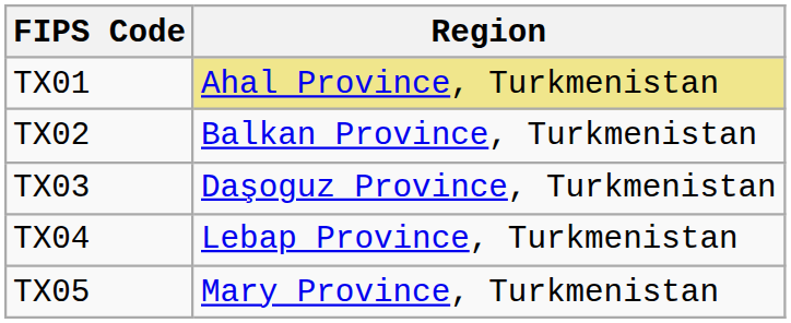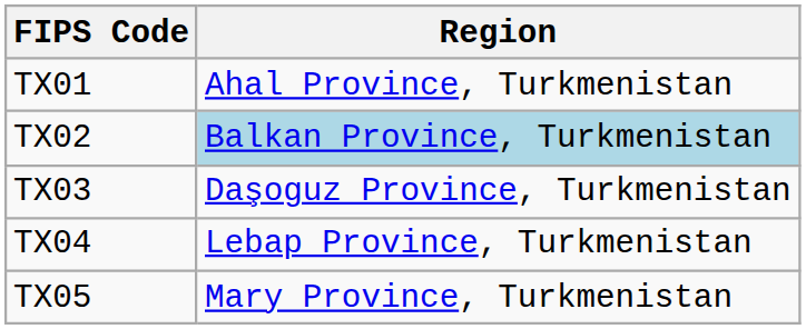 <table class="wikitable">
 <tr>
 <th>FIPS Code</th>
 <th>Region</th>
 </tr>
 <tr>
 <td>TX01</td>
-<td style="background: khaki;"><a href='#'>Ahal Province</a>, Turkmenistan</td>
+<td><a href='#'>Ahal Province</a>, Turkmenistan</td>
 </tr>
 <tr>
 <td>TX02</td>
-<td><a href='#'>Balkan Province</a>, Turkmenistan</td>
+<td style="background: lightblue;"><a href='#'>Balkan Province</a>, Turkmenistan</td>
 </tr>
 <tr>
 <td>TX03</td>
 <td><a href='#'>Daşoguz Province</a>, Turkmenistan</td>
 </tr>
 <tr>
 <td>TX04</td>
 <td><a href='#'>Lebap Province</a>, Turkmenistan</td>
 </tr>
 <tr>
 <td>TX05</td>
 <td><a href='#'>Mary Province</a>, Turkmenistan</td>
 </tr>
 </table>
